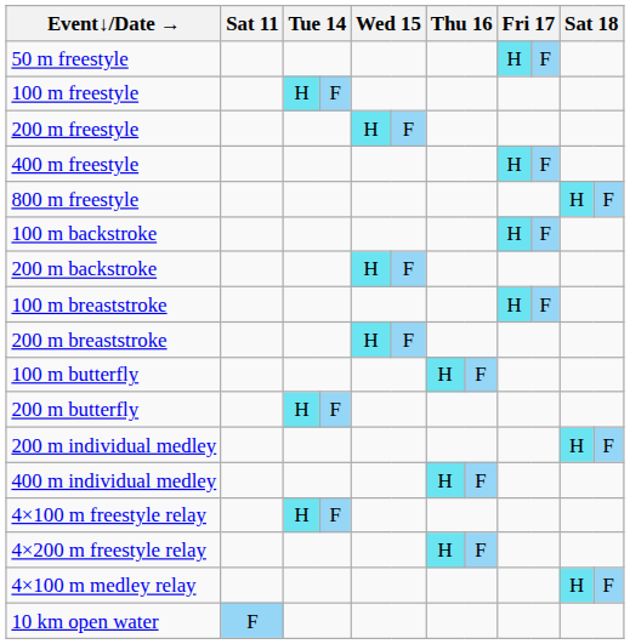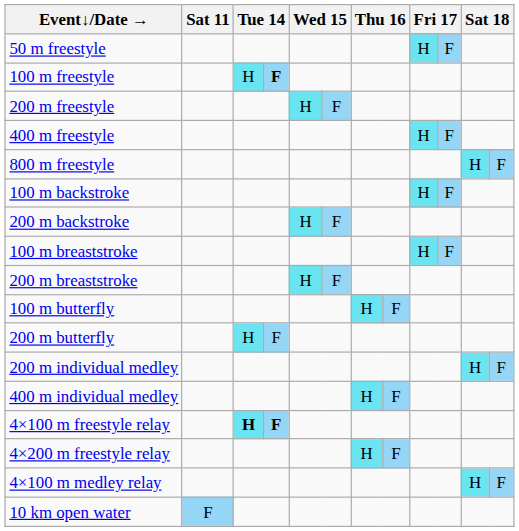 <table class="wikitable" style="margin:0.5em auto; font-size:90%; line-height:1.25em;">
 <tr style="text-align:center;">
 <th>Event↓/Date →</th>
 <th>Sat 11</th>
 <th colspan="2">Tue 14</th>
 <th colspan="2">Wed 15</th>
 <th colspan="2">Thu 16</th>
 <th colspan="2">Fri 17</th>
 <th colspan="2">Sat 18</th>
 </tr>
 <tr style="text-align:center;">
 <td style="text-align:left;"><a href='#'>50 m freestyle</a></td>
 <td></td>
 <td colspan="2"></td>
 <td colspan="2"></td>
 <td colspan="2"></td>
 <td style="background-color:#6be4f2;">H</td>
 <td style="background-color:#95d6f7;">F</td>
 <td colspan="2"></td>
 </tr>
 <tr style="text-align:center;">
 <td style="text-align:left;"><a href='#'>100 m freestyle</a></td>
 <td></td>
 <td style="background-color:#6be4f2;">H</td>
-<td style="background-color:#95d6f7;">F</td>
+<td style="background-color:#95d6f7;"><strong>F</strong></td>
 <td colspan="2"></td>
 <td colspan="2"></td>
 <td colspan="2"></td>
 <td colspan="2"></td>
 </tr>
 <tr style="text-align:center;">
 <td style="text-align:left;"><a href='#'>200 m freestyle</a></td>
 <td></td>
 <td colspan="2"></td>
 <td style="background-color:#6be4f2;">H</td>
 <td style="background-color:#95d6f7;">F</td>
 <td colspan="2"></td>
 <td colspan="2"></td>
 <td colspan="2"></td>
 </tr>
 <tr style="text-align:center;">
 <td style="text-align:left;"><a href='#'>400 m freestyle</a></td>
 <td></td>
 <td colspan="2"></td>
 <td colspan="2"></td>
 <td colspan="2"></td>
 <td style="background-color:#6be4f2;">H</td>
 <td style="background-color:#95d6f7;">F</td>
 <td colspan="2"></td>
 </tr>
 <tr style="text-align:center;">
 <td style="text-align:left;"><a href='#'>800 m freestyle</a></td>
 <td></td>
 <td colspan="2"></td>
 <td colspan="2"></td>
 <td colspan="2"></td>
 <td colspan="2"></td>
 <td style="background-color:#6be4f2;">H</td>
 <td style="background-color:#95d6f7;">F</td>
 </tr>
 <tr style="text-align:center;">
 <td style="text-align:left;"><a href='#'>100 m backstroke</a></td>
 <td></td>
 <td colspan="2"></td>
 <td colspan="2"></td>
 <td colspan="2"></td>
 <td style="background-color:#6be4f2;">H</td>
 <td style="background-color:#95d6f7;">F</td>
 <td colspan="2"></td>
 </tr>
 <tr style="text-align:center;">
 <td style="text-align:left;"><a href='#'>200 m backstroke</a></td>
 <td></td>
 <td colspan="2"></td>
 <td style="background-color:#6be4f2;">H</td>
 <td style="background-color:#95d6f7;">F</td>
 <td colspan="2"></td>
 <td colspan="2"></td>
 <td colspan="2"></td>
 </tr>
 <tr style="text-align:center;">
 <td style="text-align:left;"><a href='#'>100 m breaststroke</a></td>
 <td></td>
 <td colspan="2"></td>
 <td colspan="2"></td>
 <td colspan="2"></td>
 <td style="background-color:#6be4f2;">H</td>
 <td style="background-color:#95d6f7;">F</td>
 <td colspan="2"></td>
 </tr>
 <tr style="text-align:center;">
 <td style="text-align:left;"><a href='#'>200 m breaststroke</a></td>
 <td></td>
 <td colspan="2"></td>
 <td style="background-color:#6be4f2;">H</td>
 <td style="background-color:#95d6f7;">F</td>
 <td colspan="2"></td>
 <td colspan="2"></td>
 <td colspan="2"></td>
 </tr>
 <tr style="text-align:center;">
 <td style="text-align:left;"><a href='#'>100 m butterfly</a></td>
 <td></td>
 <td colspan="2"></td>
 <td colspan="2"></td>
 <td style="background-color:#6be4f2;">H</td>
 <td style="background-color:#95d6f7;">F</td>
 <td colspan="2"></td>
 <td colspan="2"></td>
 </tr>
 <tr style="text-align:center;">
 <td style="text-align:left;"><a href='#'>200 m butterfly</a></td>
 <td></td>
 <td style="background-color:#6be4f2;">H</td>
 <td style="background-color:#95d6f7;">F</td>
 <td colspan="2"></td>
 <td colspan="2"></td>
 <td colspan="2"></td>
 <td colspan="2"></td>
 </tr>
 <tr style="text-align:center;">
 <td style="text-align:left;"><a href='#'>200 m individual medley</a></td>
 <td></td>
 <td colspan="2"></td>
 <td colspan="2"></td>
 <td colspan="2"></td>
 <td colspan="2"></td>
 <td style="background-color:#6be4f2;">H</td>
 <td style="background-color:#95d6f7;">F</td>
 </tr>
 <tr style="text-align:center;">
 <td style="text-align:left;"><a href='#'>400 m individual medley</a></td>
 <td></td>
 <td colspan="2"></td>
 <td colspan="2"></td>
 <td style="background-color:#6be4f2;">H</td>
 <td style="background-color:#95d6f7;">F</td>
 <td colspan="2"></td>
 <td colspan="2"></td>
 </tr>
 <tr style="text-align:center;">
 <td style="text-align:left;"><a href='#'>4×100 m freestyle relay</a></td>
 <td></td>
-<td style="background-color:#6be4f2;">H</td>
-<td style="background-color:#95d6f7;">F</td>
+<td style="background-color:#6be4f2;"><strong>H</strong></td>
+<td style="background-color:#95d6f7;"><strong>F</strong></td>
 <td colspan="2"></td>
 <td colspan="2"></td>
 <td colspan="2"></td>
 <td colspan="2"></td>
 </tr>
 <tr style="text-align:center;">
 <td style="text-align:left;"><a href='#'>4×200 m freestyle relay</a></td>
 <td></td>
 <td colspan="2"></td>
 <td colspan="2"></td>
 <td style="background-color:#6be4f2;">H</td>
 <td style="background-color:#95d6f7;">F</td>
 <td colspan="2"></td>
 <td colspan="2"></td>
 </tr>
 <tr style="text-align:center;">
 <td style="text-align:left;"><a href='#'>4×100 m medley relay</a></td>
 <td></td>
 <td colspan="2"></td>
 <td colspan="2"></td>
 <td colspan="2"></td>
 <td colspan="2"></td>
 <td style="background-color:#6be4f2;">H</td>
 <td style="background-color:#95d6f7;">F</td>
 </tr>
 <tr style="text-align:center;">
 <td style="text-align:left;"><a href='#'>10 km open water</a></td>
 <td style="background-color:#95d6f7;">F</td>
 <td colspan="2"></td>
 <td colspan="2"></td>
 <td colspan="2"></td>
 <td colspan="2"></td>
 <td colspan="2"></td>
 </tr>
 </table>
